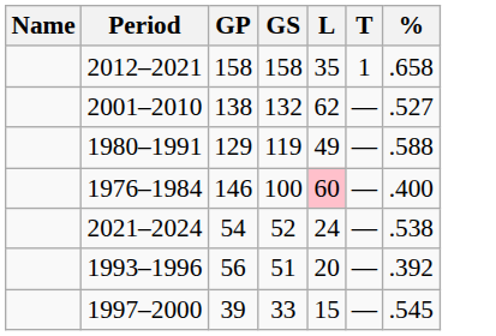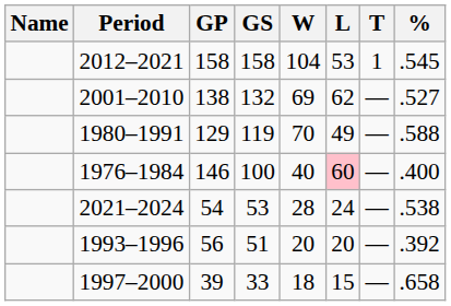 <table class="wikitable sortable" style="text-align:center">
 <tr>
 <th scope="col">Name</th>
 <th scope="col">Period</th>
 <th scope="col">GP</th>
 <th scope="col">GS</th>
+<th scope="col">W</th>
 <th scope="col">L</th>
 <th scope="col">T</th>
 <th scope="col">%</th>
 </tr>
 <tr>
 <td></td>
 <td>2012–2021</td>
 <td>158</td>
 <td>158</td>
-<td>35</td>
+<td>104</td>
+<td>53</td>
 <td>1</td>
-<td>.658</td>
+<td>.545</td>
 </tr>
 <tr>
 <td></td>
 <td>2001–2010</td>
 <td>138</td>
 <td>132</td>
+<td>69</td>
 <td>62</td>
 <td>—</td>
 <td>.527</td>
 </tr>
 <tr>
 <td></td>
 <td>1980–1991</td>
 <td>129</td>
 <td>119</td>
+<td>70</td>
 <td>49</td>
 <td>—</td>
 <td>.588</td>
 </tr>
 <tr>
 <td></td>
 <td>1976–1984</td>
 <td>146</td>
 <td>100</td>
+<td>40</td>
 <td style="background: pink;">60</td>
 <td>—</td>
 <td>.400</td>
 </tr>
 <tr>
 <td></td>
 <td>2021–2024</td>
 <td>54</td>
-<td>52</td>
+<td>53</td>
+<td>28</td>
 <td>24</td>
 <td>—</td>
 <td>.538</td>
 </tr>
 <tr>
 <td></td>
 <td>1993–1996</td>
 <td>56</td>
 <td>51</td>
 <td>20</td>
+<td>20</td>
 <td>—</td>
 <td>.392</td>
 </tr>
 <tr>
 <td></td>
 <td>1997–2000</td>
 <td>39</td>
 <td>33</td>
+<td>18</td>
 <td>15</td>
 <td>—</td>
-<td>.545</td>
+<td>.658</td>
 </tr>
 </table>
